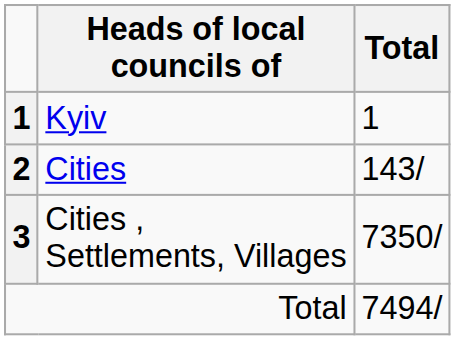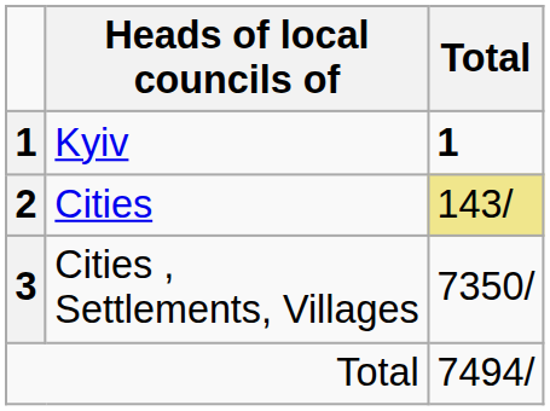 <table class="wikitable">
 <tr>
 <td></td>
 <th>Heads of local<br>councils of</th>
 <th>Total</th>
 </tr>
 <tr>
 <th>1</th>
 <td><a href='#'>Kyiv</a></td>
-<td>1</td>
+<td><strong>1</strong></td>
 </tr>
 <tr>
 <th>2</th>
 <td><a href='#'>Cities </a></td>
-<td>143/</td>
+<td style="background: khaki;">143/</td>
 </tr>
 <tr>
 <th>3</th>
 <td>Cities ,<br>Settlements, Villages</td>
 <td>7350/</td>
 </tr>
 <tr>
 <td colspan="2" style="text-align:right;">Total</td>
 <td>7494/</td>
 </tr>
 </table>
